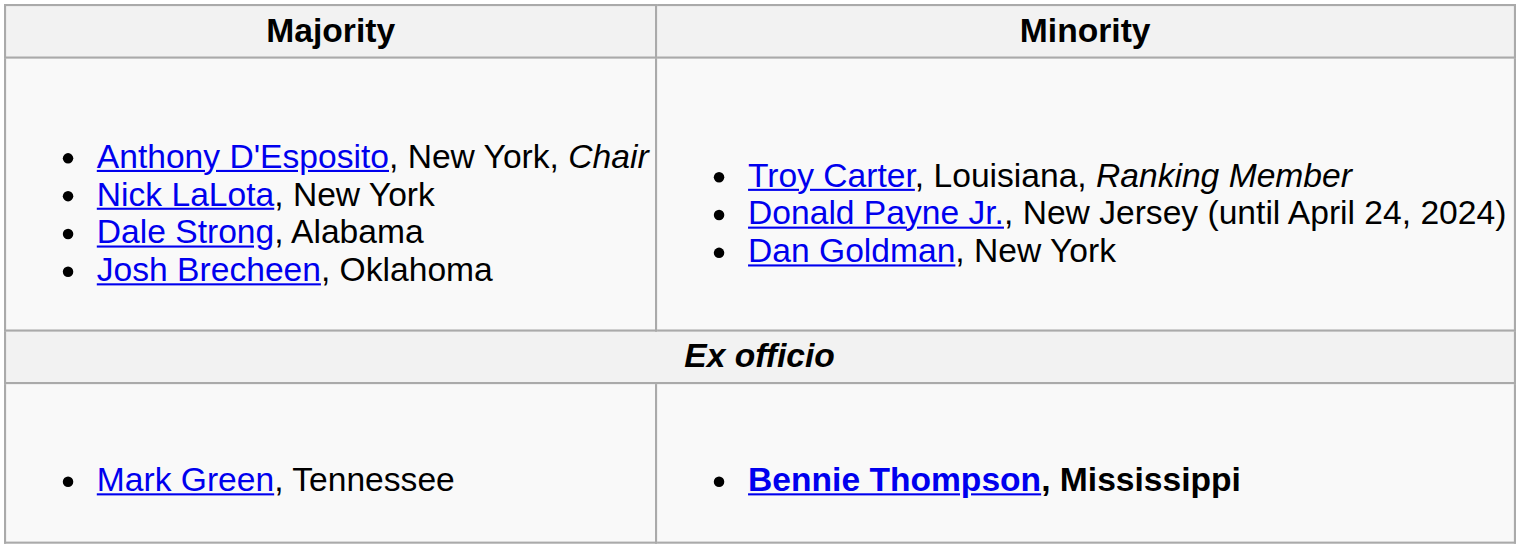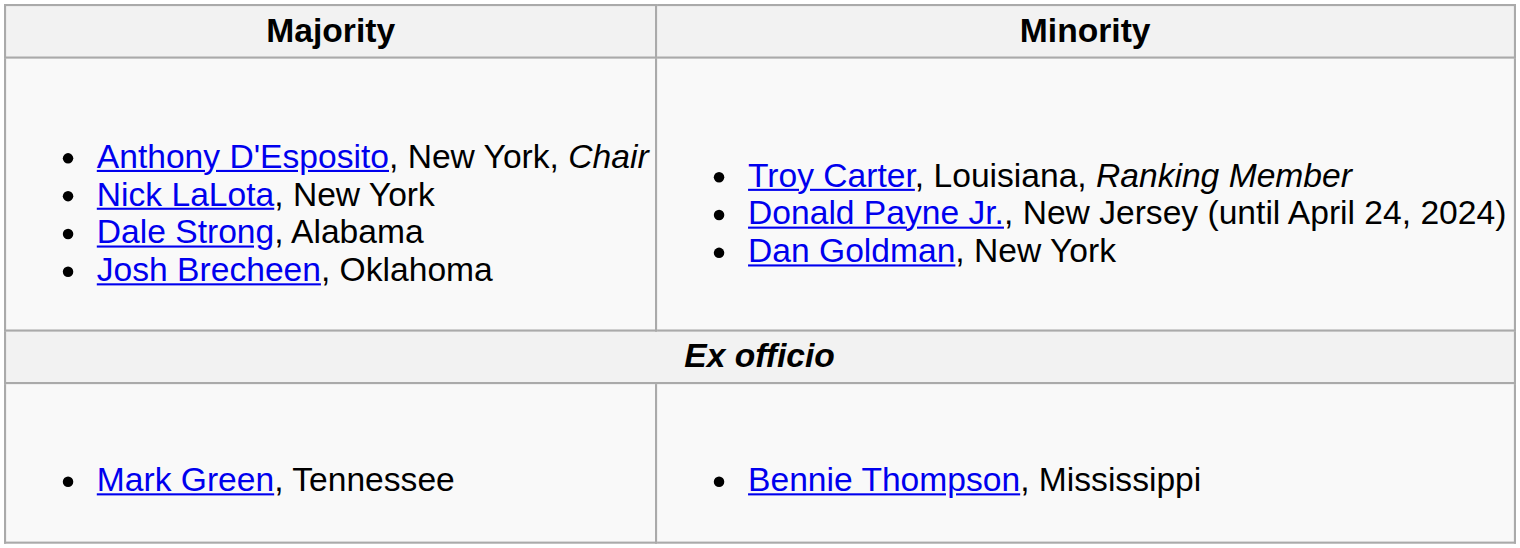 <table class=wikitable>
 <tr>
 <th>Majority</th>
 <th>Minority</th>
 </tr>
 <tr>
 <td><br><ul><li><a href='#'>Anthony D'Esposito</a>, New York, <em>Chair</em></li><li><a href='#'>Nick LaLota</a>, New York</li><li><a href='#'>Dale Strong</a>, Alabama</li><li><a href='#'>Josh Brecheen</a>, Oklahoma</li></ul></td>
 <td><br><ul><li><a href='#'>Troy Carter</a>, Louisiana, <em>Ranking Member</em></li><li><a href='#'>Donald Payne Jr.</a>, New Jersey (until April 24, 2024)</li><li><a href='#'>Dan Goldman</a>, New York</li></ul></td>
 </tr>
 <tr>
 <th colspan=2><em>Ex officio</em></th>
 </tr>
 <tr>
 <td><br><ul><li><a href='#'>Mark Green</a>, Tennessee</li></ul></td>
-<td><strong><br><ul><li><a href='#'>Bennie Thompson</a>, Mississippi</li></ul></strong></td>
+<td><br><ul><li><a href='#'>Bennie Thompson</a>, Mississippi</li></ul></td>
 </tr>
 </table>
